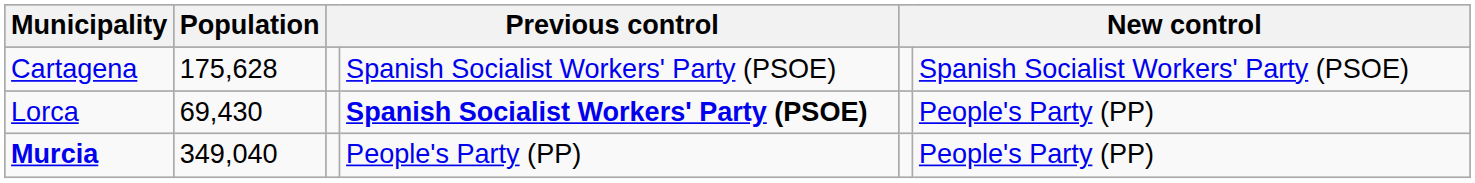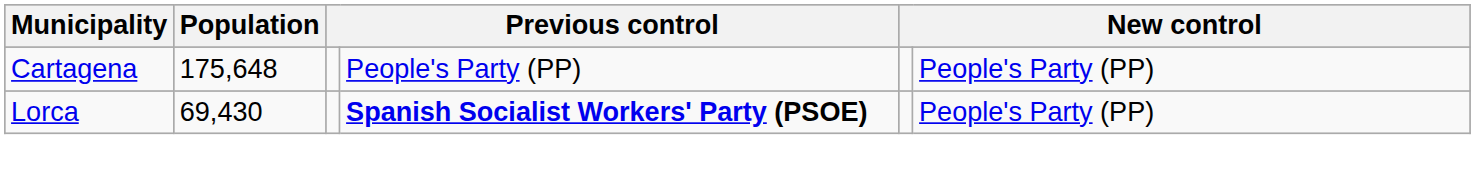 <table class="wikitable sortable">
 <tr>
 <th>Municipality</th>
 <th>Population</th>
 <th colspan="2" style="width:375px;">Previous control</th>
 <th colspan="2" style="width:375px;">New control</th>
 </tr>
 <tr>
 <td><a href='#'>Cartagena</a></td>
-<td>175,628</td>
+<td>175,648</td>
 <td width="1" style="color:inherit;background:"></td>
-<td><a href='#'>Spanish Socialist Workers' Party</a> (PSOE)</td>
+<td><a href='#'>People's Party</a> (PP)</td>
 <td width="1" style="color:inherit;background:"></td>
-<td><a href='#'>Spanish Socialist Workers' Party</a> (PSOE)</td>
+<td><a href='#'>People's Party</a> (PP)</td>
 </tr>
 <tr>
 <td><a href='#'>Lorca</a></td>
 <td>69,430</td>
 <td style="color:inherit;background:"></td>
 <td><strong><a href='#'>Spanish Socialist Workers' Party</a> (PSOE)</strong></td>
 <td style="color:inherit;background:"></td>
 <td><a href='#'>People's Party</a> (PP)</td>
 </tr>
-<tr>
-<td><strong><a href='#'>Murcia</a></strong></td>
-<td>349,040</td>
-<td style="color:inherit;background:"></td>
-<td><a href='#'>People's Party</a> (PP)</td>
-<td style="color:inherit;background:"></td>
-<td><a href='#'>People's Party</a> (PP)</td>
-</tr>
 </table>
